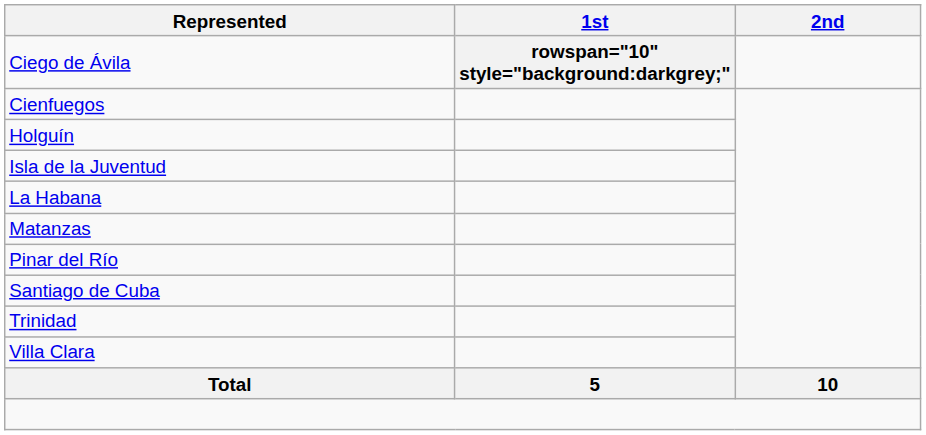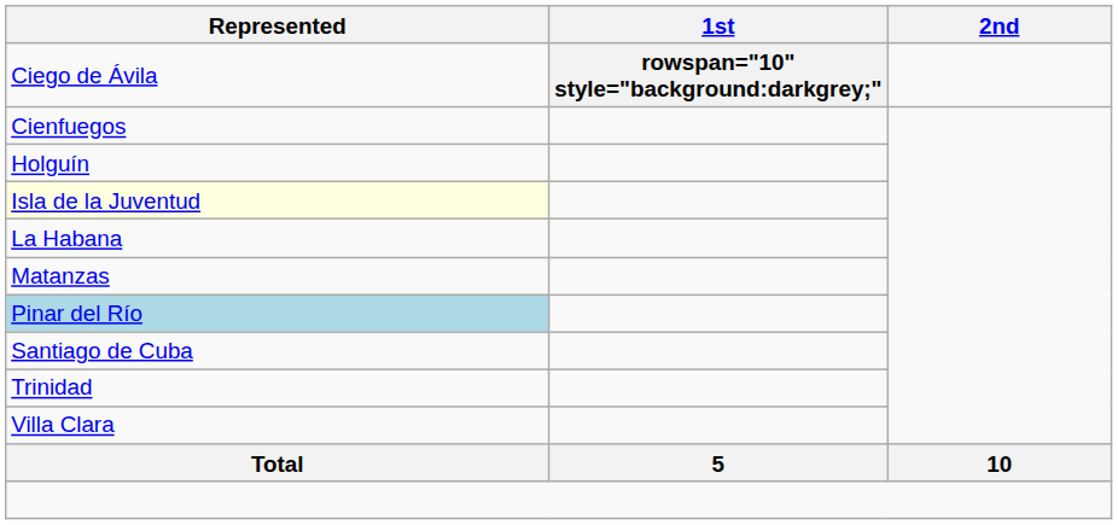 <table class="wikitable sortable" style="font-size: 80%;">
 <tr>
 <th width=300>Represented</th>
 <th width=120><a href='#'>1st</a></th>
 <th width=120><a href='#'>2nd</a></th>
 </tr>
 <tr>
 <td><a href='#'>Ciego de Ávila</a></td>
 <th>rowspan="10" style="background:darkgrey;" </th>
 <td></td>
 </tr>
 <tr>
 <td><a href='#'>Cienfuegos</a></td>
 <td></td>
 </tr>
 <tr>
 <td><a href='#'>Holguín</a></td>
 <td></td>
 </tr>
 <tr>
-<td><a href='#'>Isla de la Juventud</a></td>
+<td style="background: lightyellow;"><a href='#'>Isla de la Juventud</a></td>
 <td></td>
 </tr>
 <tr>
 <td><a href='#'>La Habana</a></td>
 <td></td>
 </tr>
 <tr>
 <td><a href='#'>Matanzas</a></td>
 <td></td>
 </tr>
 <tr>
-<td><a href='#'>Pinar del Río</a></td>
+<td style="background: lightblue;"><a href='#'>Pinar del Río</a></td>
 <td></td>
 </tr>
 <tr>
 <td><a href='#'>Santiago de Cuba</a></td>
 <td></td>
 </tr>
 <tr>
 <td><a href='#'>Trinidad</a></td>
 <td></td>
 </tr>
 <tr>
 <td><a href='#'>Villa Clara</a></td>
 <td></td>
 </tr>
 <tr>
 <th>Total</th>
 <th>5</th>
 <th>10</th>
 </tr>
 <tr>
 <td colspan="9" align=left><br></td>
 </tr>
 </table>
